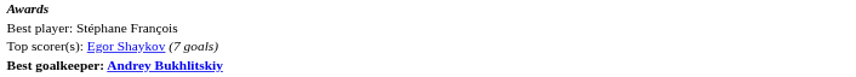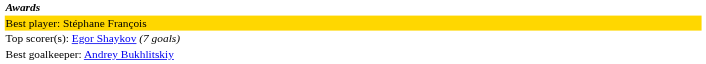 <table width=100% cellspacing=1 style="font-size: 90%;">
 <tr>
 <td><strong><em>Awards</em></strong></td>
 </tr>
 <tr>
-<td>Best player:  Stéphane François</td>
+<td style="background: gold;">Best player:  Stéphane François</td>
 </tr>
 <tr>
 <td colspan=4>Top scorer(s):  <a href='#'>Egor Shaykov</a> <em>(7 goals)</em></td>
 </tr>
 <tr>
-<td><strong>Best goalkeeper:  <a href='#'>Andrey Bukhlitskiy</a></strong></td>
+<td>Best goalkeeper:  <a href='#'>Andrey Bukhlitskiy</a></td>
 </tr>
 </table>
